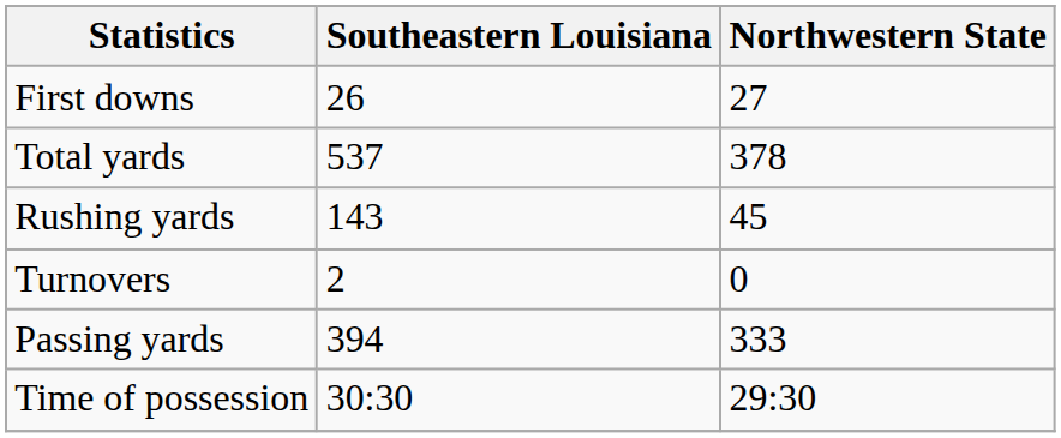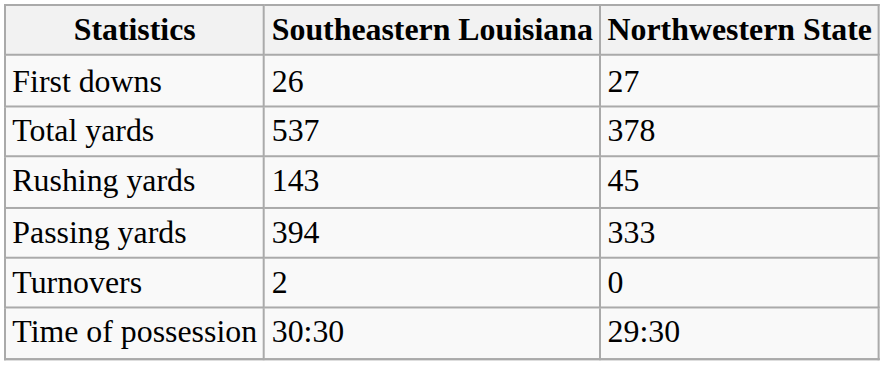 <table class="wikitable">
 <tr>
 <th>Statistics</th>
 <th>Southeastern Louisiana</th>
 <th>Northwestern State</th>
 </tr>
 <tr>
 <td>First downs</td>
 <td>26</td>
 <td>27</td>
 </tr>
 <tr>
 <td>Total yards</td>
 <td>537</td>
 <td>378</td>
 </tr>
 <tr>
 <td>Rushing yards</td>
 <td>143</td>
 <td>45</td>
 </tr>
 <tr>
+<td>Passing yards</td>
+<td>394</td>
+<td>333</td>
+</tr>
+<tr>
 <td>Turnovers</td>
 <td>2</td>
 <td>0</td>
-</tr>
-<tr>
-<td>Passing yards</td>
-<td>394</td>
-<td>333</td>
 </tr>
 <tr>
 <td>Time of possession</td>
 <td>30:30</td>
 <td>29:30</td>
 </tr>
 <tr>
 </tr>
 </table>
